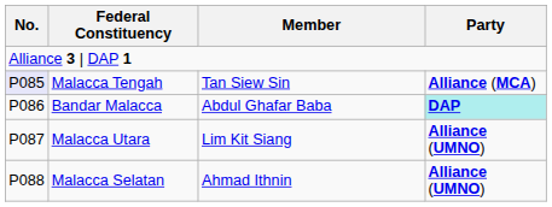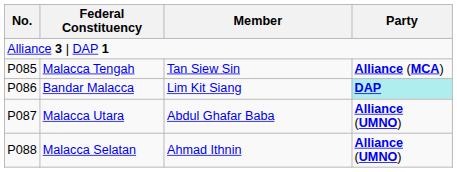 <table class="wikitable sortable">
 <tr>
 <th style="width:30px;">No.</th>
 <th style="width:150px;">Federal Constituency</th>
 <th style="width:230px;">Member</th>
 <th style="width:120px;">Party</th>
 </tr>
 <tr>
 <td colspan="4"><a href='#'>Alliance</a> <strong>3</strong> | <a href='#'>DAP</a> <strong>1</strong></td>
 </tr>
 <tr>
-<td style="background: lavender;">P085</td>
+<td>P085</td>
 <td><a href='#'>Malacca Tengah</a></td>
 <td><a href='#'>Tan Siew Sin</a></td>
 <td><strong><a href='#'>Alliance</a></strong> (<strong><a href='#'>MCA</a></strong>)</td>
 </tr>
 <tr>
 <td>P086</td>
 <td><a href='#'>Bandar Malacca</a></td>
-<td><a href='#'>Abdul Ghafar Baba</a></td>
+<td><a href='#'>Lim Kit Siang</a></td>
 <td style="background: paleturquoise;"><strong><a href='#'>DAP</a></strong></td>
 </tr>
 <tr>
 <td>P087</td>
 <td><a href='#'>Malacca Utara</a></td>
-<td><a href='#'>Lim Kit Siang</a></td>
+<td><a href='#'>Abdul Ghafar Baba</a></td>
 <td><strong><a href='#'>Alliance</a></strong> (<strong><a href='#'>UMNO</a></strong>)</td>
 </tr>
 <tr>
 <td>P088</td>
 <td><a href='#'>Malacca Selatan</a></td>
 <td><a href='#'>Ahmad Ithnin</a> </td>
 <td><strong><a href='#'>Alliance</a></strong> (<strong><a href='#'>UMNO</a></strong>)</td>
 </tr>
 </table>
